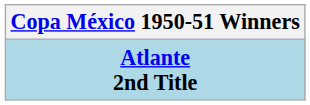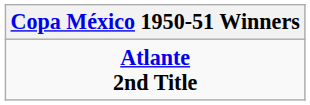 <table class="wikitable" style="text-align: center; margin: 0 auto;">
 <tr>
 <th><a href='#'>Copa México</a> 1950-51 Winners</th>
 </tr>
 <tr>
-<td style="background: lightblue;"><strong><a href='#'>Atlante</a></strong><br><strong>2nd Title</strong></td>
+<td><strong><a href='#'>Atlante</a></strong><br><strong>2nd Title</strong></td>
 </tr>
 </table>
